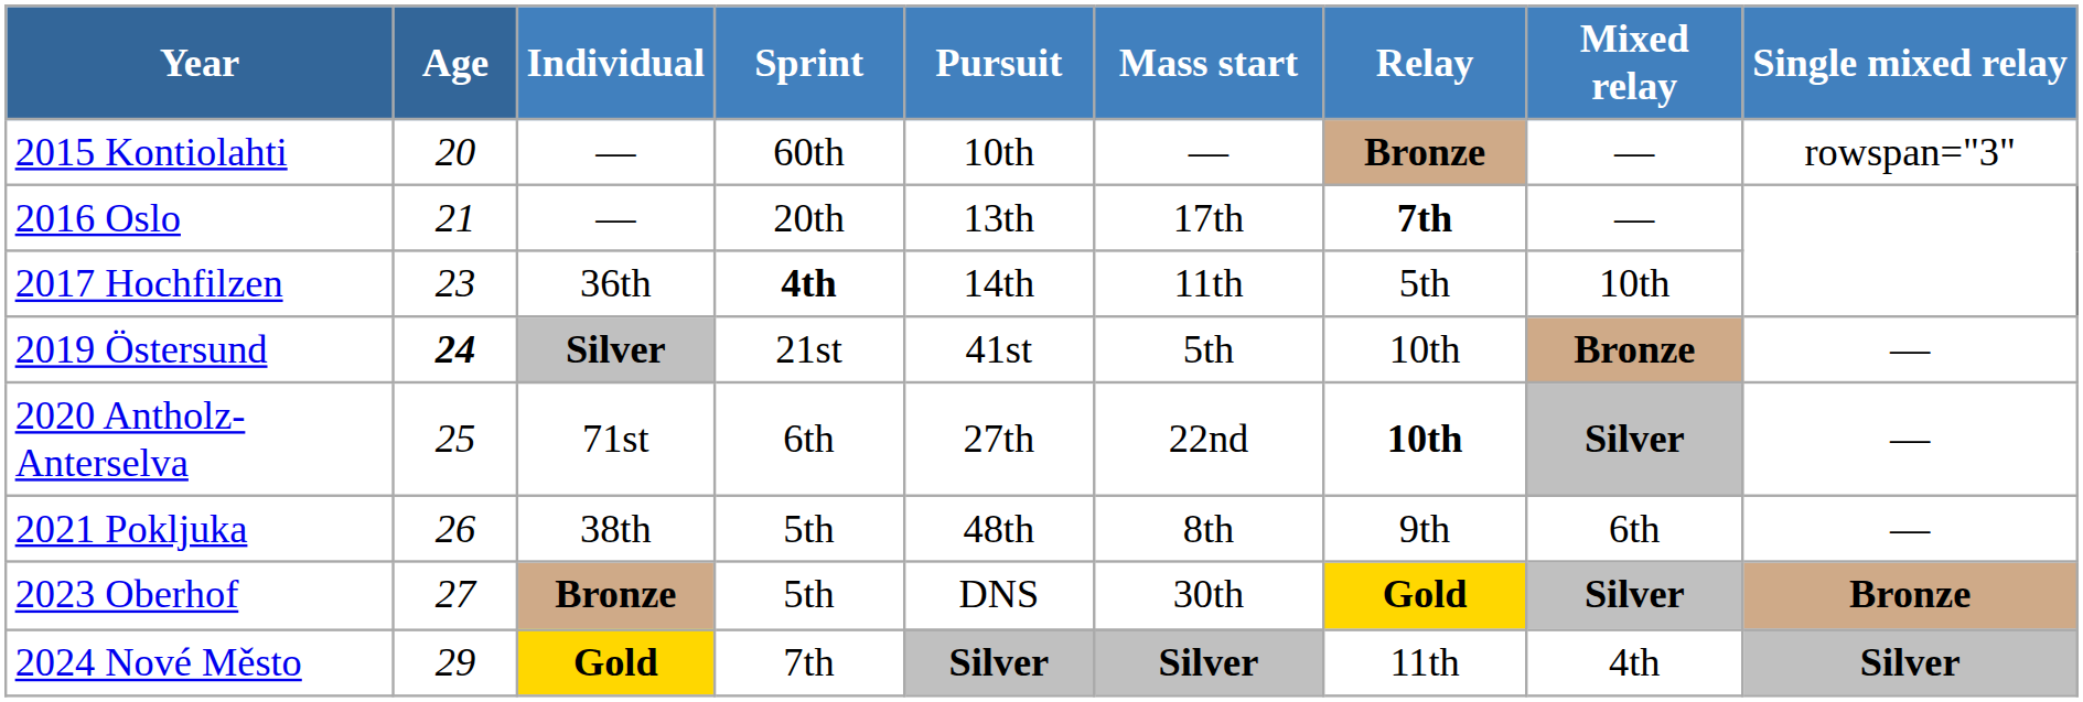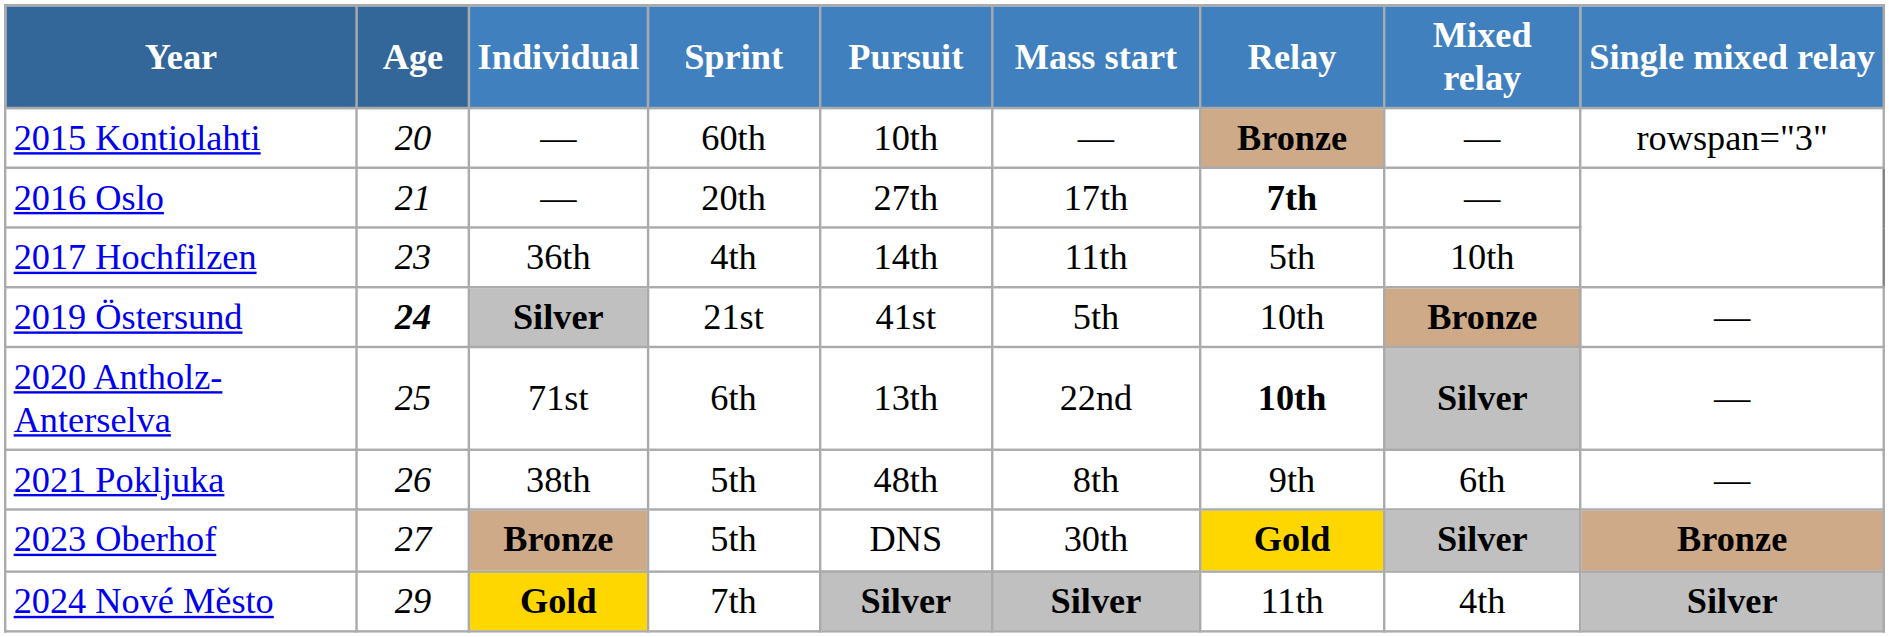 <table class="wikitable" style="font-size:95%; text-align:center; border:grey solid 1px; border-collapse:collapse; background:#ffffff;">
 <tr>
 <th style="background-color:#369; color:white;    width:140px;">Year</th>
 <th style="background-color:#369; color:white;    width:40px;">Age</th>
 <th style="background-color:#4180be; color:white; width:65px;">Individual</th>
 <th style="background-color:#4180be; color:white; width:65px;">Sprint</th>
 <th style="background-color:#4180be; color:white; width:65px;">Pursuit</th>
 <th style="background-color:#4180be; color:white; width:80px;">Mass start</th>
 <th style="background-color:#4180be; color:white; width:65px;">Relay</th>
 <th style="background-color:#4180be; color:white; width:75px;">Mixed relay</th>
 <th style="background-color:#4180be; color:white; width:120px;">Single mixed relay</th>
 </tr>
 <tr>
 <td align=left> <a href='#'>2015 Kontiolahti</a></td>
 <td><em>20</em></td>
 <td>—</td>
 <td>60th</td>
 <td>10th</td>
 <td>—</td>
 <td style="background:#cfaa88; width:70px;"><strong>Bronze</strong></td>
 <td>—</td>
 <td>rowspan="3" </td>
 </tr>
 <tr>
 <td align=left> <a href='#'>2016 Oslo</a></td>
 <td><em>21</em></td>
 <td>—</td>
 <td>20th</td>
-<td>13th</td>
+<td>27th</td>
 <td>17th</td>
 <td><strong>7th</strong></td>
 <td>—</td>
 </tr>
 <tr>
 <td align=left> <a href='#'>2017 Hochfilzen</a></td>
 <td><em>23</em></td>
 <td>36th</td>
-<td><strong>4th</strong></td>
+<td>4th</td>
 <td>14th</td>
 <td>11th</td>
 <td>5th</td>
 <td>10th</td>
 </tr>
 <tr>
 <td align=left> <a href='#'>2019 Östersund</a></td>
 <td><strong><em>24</em></strong></td>
 <td style="background:silver;"><strong>Silver</strong></td>
 <td>21st</td>
 <td>41st</td>
 <td>5th</td>
 <td>10th</td>
 <td style="background:#cfaa88;"><strong>Bronze</strong></td>
 <td>—</td>
 </tr>
 <tr>
 <td align=left> <a href='#'>2020 Antholz-Anterselva</a></td>
 <td><em>25</em></td>
 <td>71st</td>
 <td>6th</td>
-<td>27th</td>
+<td>13th</td>
 <td>22nd</td>
 <td><strong>10th</strong></td>
 <td style="background:silver;"><strong>Silver</strong></td>
 <td>—</td>
 </tr>
 <tr>
 <td align=left> <a href='#'>2021 Pokljuka</a></td>
 <td><em>26</em></td>
 <td>38th</td>
 <td>5th</td>
 <td>48th</td>
 <td>8th</td>
 <td>9th</td>
 <td>6th</td>
 <td>—</td>
 </tr>
 <tr>
 <td align=left> <a href='#'>2023 Oberhof</a></td>
 <td><em>27</em></td>
 <td style="background:#cfaa88;"><strong>Bronze</strong></td>
 <td>5th</td>
 <td>DNS</td>
 <td>30th</td>
 <td style="background:gold;"><strong>Gold</strong></td>
 <td style="background:silver;"><strong>Silver</strong></td>
 <td style="background:#cfaa88;"><strong>Bronze</strong></td>
 </tr>
 <tr>
 <td align=left> <a href='#'>2024 Nové Město</a></td>
 <td><em>29</em></td>
 <td style="background:gold;"><strong>Gold</strong></td>
 <td>7th</td>
 <td style="background:silver;"><strong>Silver</strong></td>
 <td style="background:silver;"><strong>Silver</strong></td>
 <td>11th</td>
 <td>4th</td>
 <td style="background:silver;"><strong>Silver</strong></td>
 </tr>
 </table>
